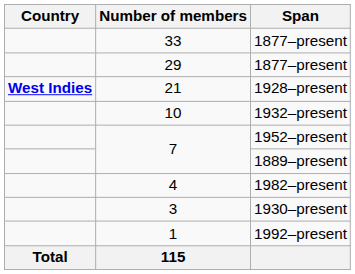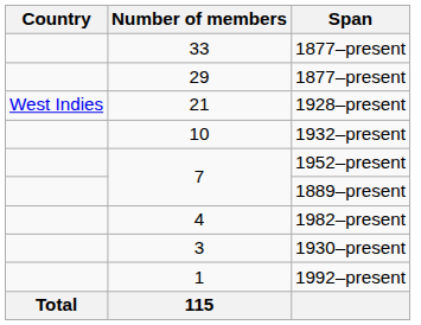 <table class="wikitable sortable" border="1" style="text-align: center;">
 <tr>
 <th>Country</th>
 <th>Number of members</th>
 <th>Span</th>
 </tr>
 <tr>
 <td style="text-align: left;"></td>
 <td>33</td>
 <td>1877–present</td>
 </tr>
 <tr>
 <td style="text-align: left;"></td>
 <td>29</td>
 <td>1877–present</td>
 </tr>
 <tr>
-<td style="text-align: left;"><strong> <a href='#'>West Indies</a> </strong></td>
+<td style="text-align: left;"> <a href='#'>West Indies</a> </td>
 <td>21</td>
 <td>1928–present</td>
 </tr>
 <tr>
 <td style="text-align: left;"></td>
 <td>10</td>
 <td>1932–present</td>
 </tr>
 <tr>
 <td style="text-align: left;"></td>
 <td rowspan=2>7</td>
 <td>1952–present</td>
 </tr>
 <tr>
 <td style="text-align: left;"></td>
 <td>1889–present</td>
 </tr>
 <tr>
 <td style="text-align: left;"></td>
 <td>4</td>
 <td>1982–present</td>
 </tr>
 <tr>
 <td style="text-align: left;"></td>
 <td>3</td>
 <td>1930–present</td>
 </tr>
 <tr>
 <td style="text-align: left;"></td>
 <td>1</td>
 <td>1992–present</td>
 </tr>
 <tr class="sortbottom">
 <th>Total</th>
 <th>115</th>
 <th></th>
 </tr>
 </table>
